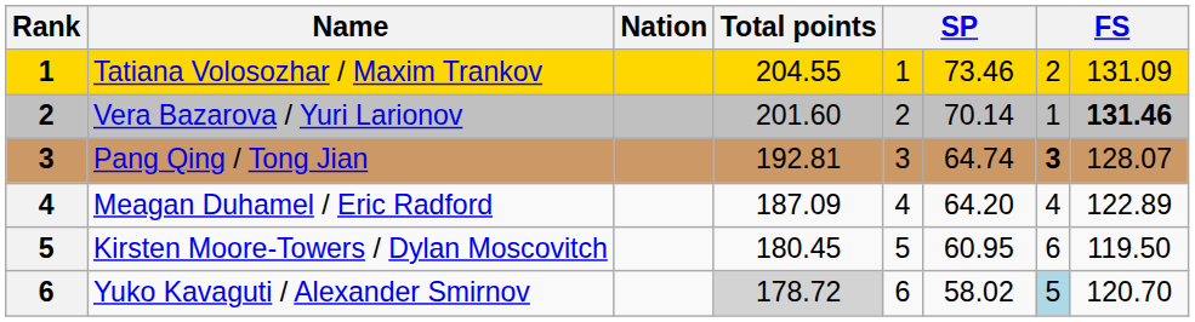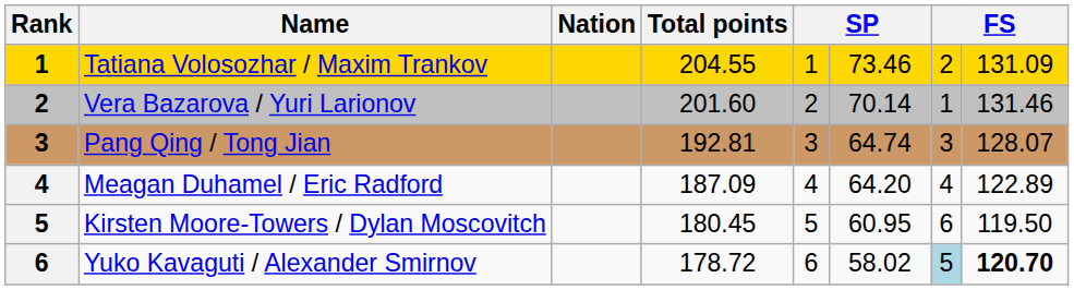 <table class="wikitable sortable">
 <tr>
 <th>Rank</th>
 <th>Name</th>
 <th>Nation</th>
 <th>Total points</th>
 <th colspan="2" width="80px"><a href='#'>SP</a></th>
 <th colspan="2" width="80px"><a href='#'>FS</a></th>
 </tr>
 <tr bgcolor="gold">
 <td align="center"><strong>1</strong></td>
 <td><a href='#'>Tatiana Volosozhar</a> / <a href='#'>Maxim Trankov</a></td>
 <td></td>
 <td align="center">204.55</td>
 <td align="center">1</td>
 <td align="center">73.46</td>
 <td align="center">2</td>
 <td align="center">131.09</td>
 </tr>
 <tr bgcolor="silver">
 <td align="center"><strong>2</strong></td>
 <td><a href='#'>Vera Bazarova</a> / <a href='#'>Yuri Larionov</a></td>
 <td></td>
 <td align="center">201.60</td>
 <td align="center">2</td>
 <td align="center">70.14</td>
 <td align="center">1</td>
-<td align="center"><strong>131.46</strong></td>
+<td align="center">131.46</td>
 </tr>
 <tr bgcolor="cc9966">
 <td align="center"><strong>3</strong></td>
 <td><a href='#'>Pang Qing</a> / <a href='#'>Tong Jian</a></td>
 <td></td>
 <td align="center">192.81</td>
 <td align="center">3</td>
 <td align="center">64.74</td>
-<td align="center"><strong>3</strong></td>
+<td align="center">3</td>
 <td align="center">128.07</td>
 </tr>
 <tr>
 <th>4</th>
 <td><a href='#'>Meagan Duhamel</a> / <a href='#'>Eric Radford</a></td>
 <td></td>
 <td align="center">187.09</td>
 <td align="center">4</td>
 <td align="center">64.20</td>
 <td align="center">4</td>
 <td align="center">122.89</td>
 </tr>
 <tr>
 <th>5</th>
 <td><a href='#'>Kirsten Moore-Towers</a> / <a href='#'>Dylan Moscovitch</a></td>
 <td></td>
 <td align="center">180.45</td>
 <td align="center">5</td>
 <td align="center">60.95</td>
 <td align="center">6</td>
 <td align="center">119.50</td>
 </tr>
 <tr>
 <th>6</th>
 <td><a href='#'>Yuko Kavaguti</a> / <a href='#'>Alexander Smirnov</a></td>
 <td></td>
-<td align="center" style="background: lightgrey;">178.72</td>
+<td align="center">178.72</td>
 <td align="center">6</td>
 <td align="center">58.02</td>
 <td align="center" style="background: lightblue;">5</td>
-<td align="center">120.70</td>
+<td align="center"><strong>120.70</strong></td>
 </tr>
 </table>
